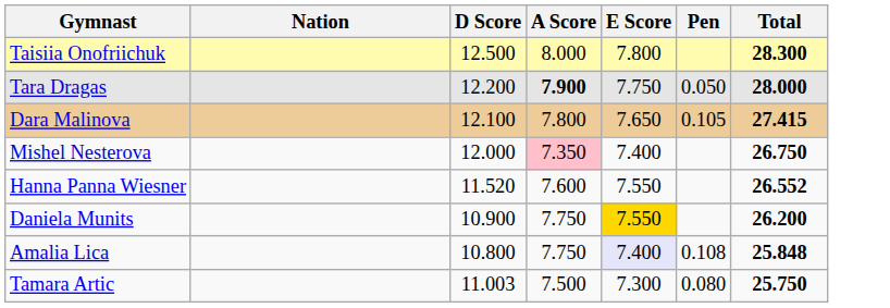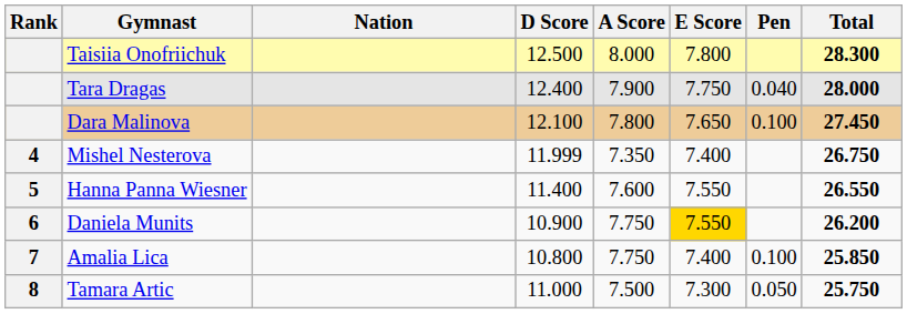 <table class="wikitable sortable" style="text-align:center; font-size:85%">
 <tr>
+<th scope="col" style="width:20px;">Rank</th>
 <th>Gymnast</th>
 <th scope="col" style="width:170px;">Nation</th>
 <th>D Score</th>
 <th>A Score</th>
 <th>E Score</th>
 <th>Pen</th>
 <th scope="col" style="width:60px;">Total</th>
 </tr>
 <tr bgcolor="fffcaf">
+<th scope="row"></th>
 <td align=left><a href='#'>Taisiia Onofriichuk</a></td>
 <td align="left"></td>
 <td>12.500</td>
 <td>8.000</td>
 <td>7.800</td>
 <td></td>
 <td><strong>28.300</strong></td>
 </tr>
 <tr bgcolor="e5e5e5">
+<th scope="row"></th>
 <td align=left><a href='#'>Tara Dragas</a></td>
 <td align="left"></td>
-<td>12.200</td>
-<td><strong>7.900</strong></td>
+<td>12.400</td>
+<td>7.900</td>
 <td>7.750</td>
-<td>0.050</td>
+<td>0.040</td>
 <td><strong>28.000</strong></td>
 </tr>
 <tr bgcolor="eecc99">
+<th scope="row"></th>
 <td align=left><a href='#'>Dara Malinova</a></td>
 <td align="left"></td>
 <td>12.100</td>
 <td>7.800</td>
 <td>7.650</td>
-<td>0.105</td>
-<td><strong>27.415</strong></td>
+<td>0.100</td>
+<td><strong>27.450</strong></td>
 </tr>
 <tr>
+<th scope=row>4</th>
 <td align=left><a href='#'>Mishel Nesterova</a></td>
 <td style="text-align:left;"></td>
-<td>12.000</td>
-<td style="background: pink;">7.350</td>
+<td>11.999</td>
+<td>7.350</td>
 <td>7.400</td>
 <td></td>
 <td><strong>26.750</strong></td>
 </tr>
 <tr>
+<th scope=row>5</th>
 <td align=left><a href='#'>Hanna Panna Wiesner</a></td>
 <td style="text-align:left;"></td>
-<td>11.520</td>
+<td>11.400</td>
 <td>7.600</td>
 <td>7.550</td>
 <td></td>
-<td><strong>26.552</strong></td>
+<td><strong>26.550</strong></td>
 </tr>
 <tr>
+<th scope=row>6</th>
 <td align=left><a href='#'>Daniela Munits</a></td>
 <td style="text-align:left;"></td>
 <td>10.900</td>
 <td>7.750</td>
 <td style="background: gold;">7.550</td>
 <td></td>
 <td><strong>26.200</strong></td>
 </tr>
 <tr>
+<th scope=row>7</th>
 <td align=left><a href='#'>Amalia Lica</a></td>
 <td style="text-align:left;"></td>
 <td>10.800</td>
 <td>7.750</td>
-<td style="background: lavender;">7.400</td>
-<td>0.108</td>
-<td><strong>25.848</strong></td>
+<td>7.400</td>
+<td>0.100</td>
+<td><strong>25.850</strong></td>
 </tr>
 <tr>
+<th scope=row>8</th>
 <td align=left><a href='#'>Tamara Artic</a></td>
 <td style="text-align:left;"></td>
-<td>11.003</td>
+<td>11.000</td>
 <td>7.500</td>
 <td>7.300</td>
-<td>0.080</td>
+<td>0.050</td>
 <td><strong>25.750</strong></td>
 </tr>
 </table>
